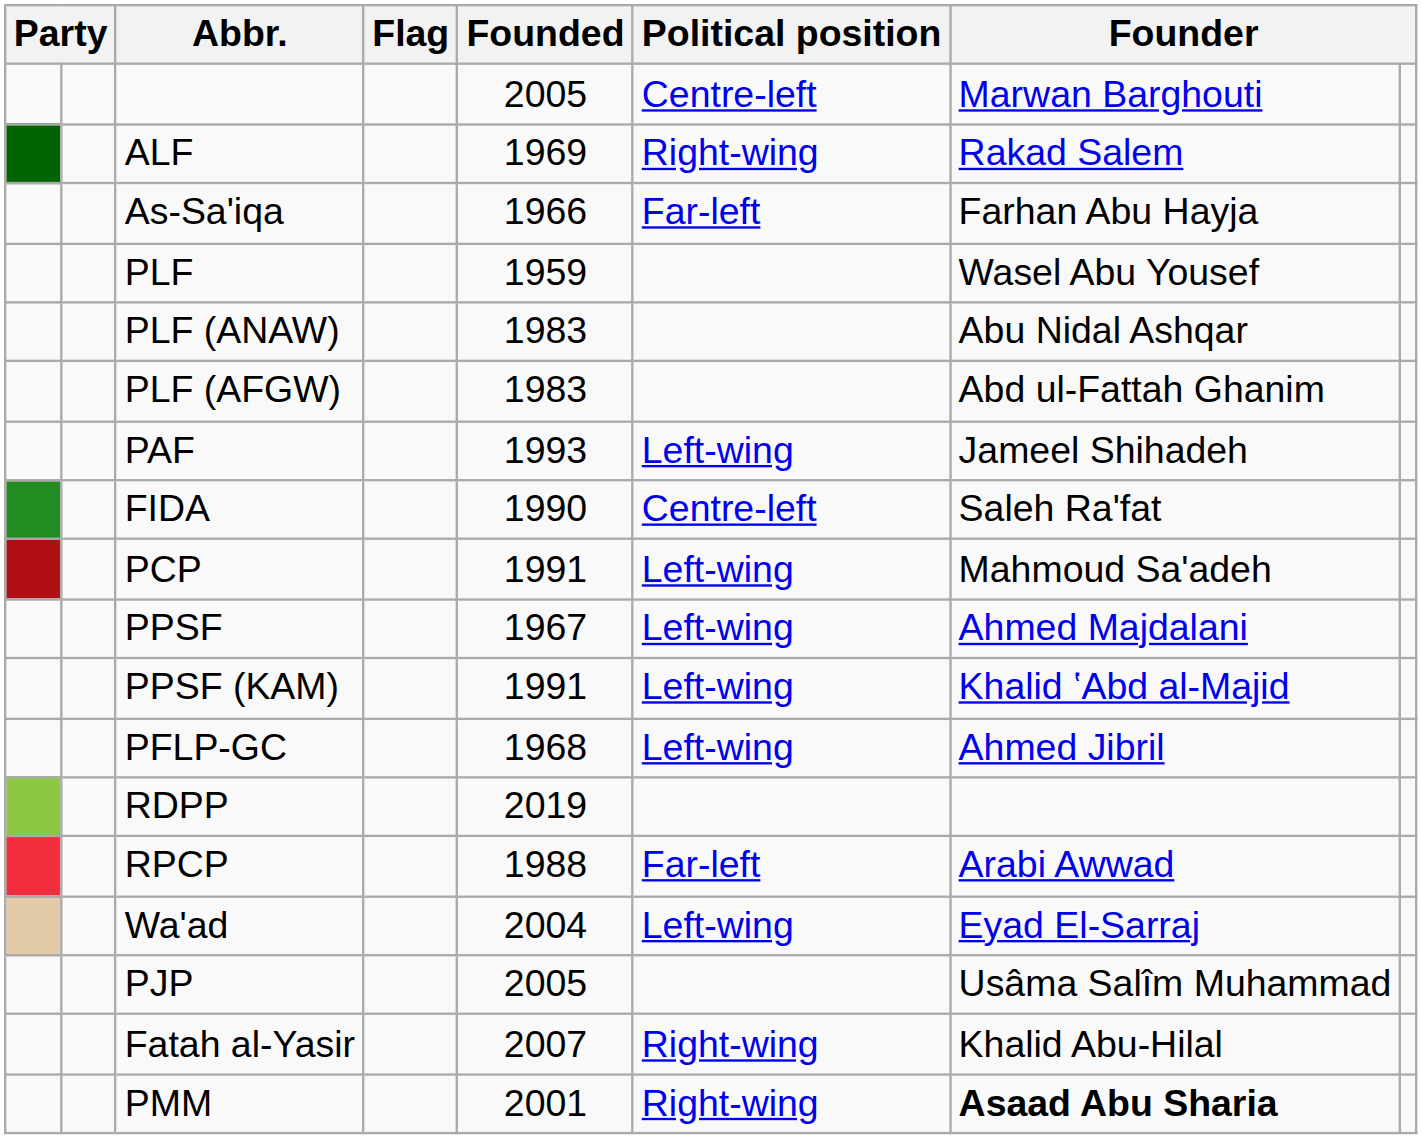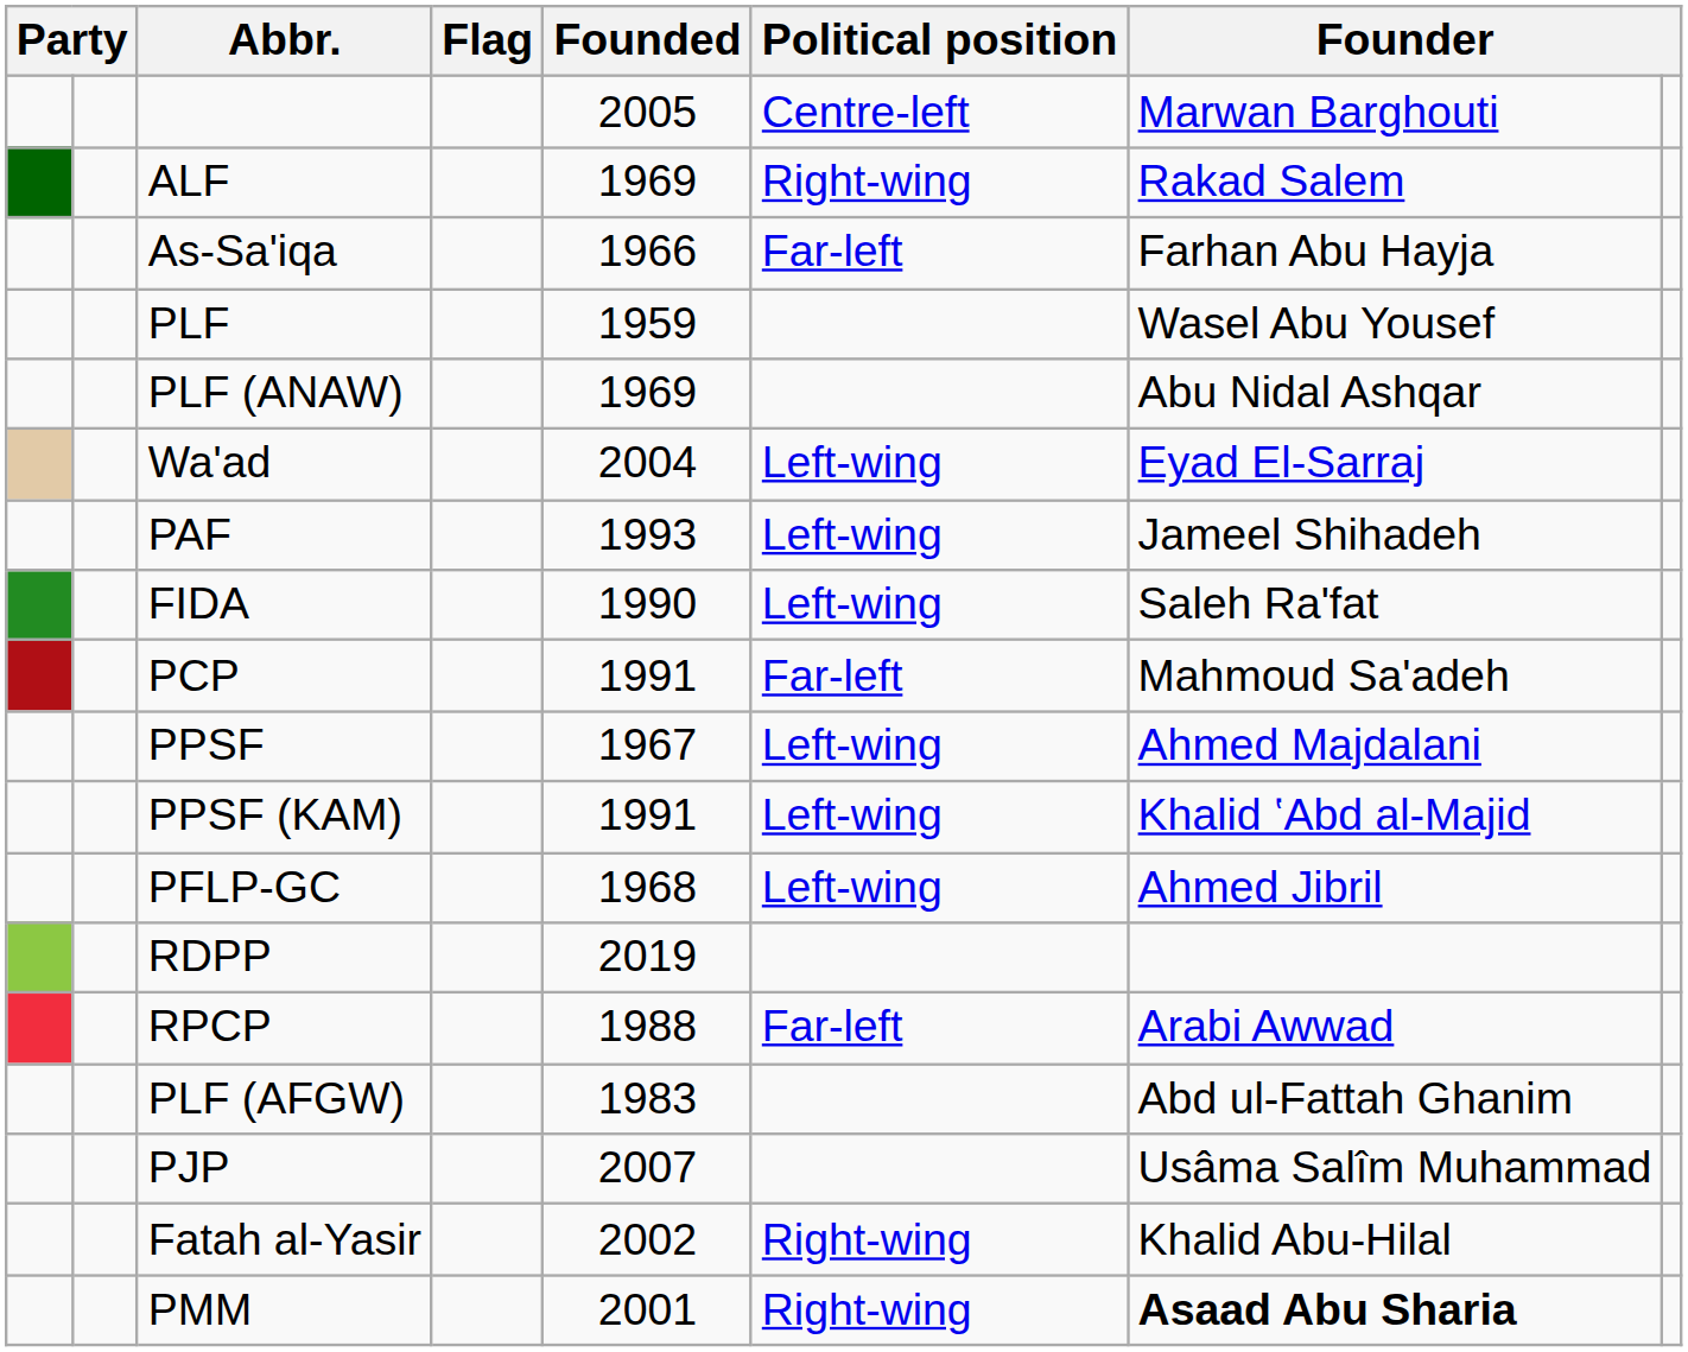 <table class="wikitable sortable">
 <tr>
 <th colspan="2">Party</th>
 <th>Abbr.</th>
 <th>Flag</th>
 <th>Founded</th>
 <th>Political position</th>
 <th colspan="2">Founder</th>
 </tr>
 <tr>
 <td style="background-color:"></td>
 <td></td>
 <td></td>
 <td></td>
 <td align="center">2005</td>
 <td><a href='#'>Centre-left</a></td>
 <td><a href='#'>Marwan Barghouti</a></td>
 <td></td>
 </tr>
 <tr>
 <td style="background-color:#006400"></td>
 <td></td>
 <td>ALF</td>
 <td></td>
 <td align="center">1969</td>
 <td><a href='#'>Right-wing</a></td>
 <td><a href='#'>Rakad Salem</a></td>
 <td></td>
 </tr>
 <tr>
 <td style="background-color:"></td>
 <td></td>
 <td>As-Sa'iqa<br></td>
 <td></td>
 <td align="center">1966</td>
 <td><a href='#'>Far-left</a></td>
 <td>Farhan Abu Hayja</td>
 <td></td>
 </tr>
 <tr>
 <td style="background-color:"></td>
 <td></td>
 <td>PLF</td>
 <td></td>
 <td align="center">1959</td>
 <td></td>
 <td>Wasel Abu Yousef</td>
 <td></td>
 </tr>
 <tr>
 <td style="background-color:"></td>
 <td></td>
 <td>PLF (ANAW)</td>
 <td></td>
-<td align="center">1983</td>
+<td align="center">1969</td>
 <td></td>
 <td>Abu Nidal Ashqar</td>
 <td></td>
 </tr>
 <tr>
-<td style="background-color:"></td>
+<td style="background-color:#e2caa7"></td>
 <td></td>
-<td>PLF (AFGW)</td>
+<td>Wa'ad</td>
 <td></td>
-<td align="center">1983</td>
-<td></td>
-<td>Abd ul-Fattah Ghanim</td>
+<td align="center">2004</td>
+<td><a href='#'>Left-wing</a></td>
+<td><a href='#'>Eyad El-Sarraj</a></td>
 <td></td>
 </tr>
 <tr>
 <td style="background-color:"></td>
 <td></td>
 <td>PAF</td>
 <td></td>
 <td align="center">1993</td>
 <td><a href='#'>Left-wing</a></td>
 <td>Jameel Shihadeh</td>
 <td></td>
 </tr>
 <tr>
 <td style="background-color:#228B22"></td>
 <td></td>
 <td>FIDA</td>
 <td></td>
 <td align="center">1990</td>
-<td><a href='#'>Centre-left</a></td>
+<td><a href='#'>Left-wing</a></td>
 <td>Saleh Ra'fat</td>
 <td></td>
 </tr>
 <tr>
 <td style="background-color:#B00F15"></td>
 <td></td>
 <td>PCP</td>
 <td></td>
 <td align="center">1991</td>
-<td><a href='#'>Left-wing</a></td>
+<td><a href='#'>Far-left</a></td>
 <td>Mahmoud Sa'adeh</td>
 <td></td>
 </tr>
 <tr>
 <td style="background-color:"></td>
 <td></td>
 <td>PPSF</td>
 <td></td>
 <td align="center">1967</td>
 <td><a href='#'>Left-wing</a></td>
 <td><a href='#'>Ahmed Majdalani</a></td>
 <td></td>
 </tr>
 <tr>
 <td style="background-color:"></td>
 <td></td>
 <td>PPSF (KAM)</td>
 <td></td>
 <td align="center">1991</td>
 <td><a href='#'>Left-wing</a></td>
 <td><a href='#'>Khalid ʽAbd al-Majid</a></td>
 <td></td>
 </tr>
 <tr>
 <td style="background-color:"></td>
 <td></td>
 <td>PFLP-GC</td>
 <td></td>
 <td align="center">1968</td>
 <td><a href='#'>Left-wing</a></td>
 <td><a href='#'>Ahmed Jibril</a></td>
 <td></td>
 </tr>
 <tr>
 <td style="background-color:#8CC843"></td>
 <td></td>
 <td>RDPP</td>
 <td></td>
 <td align="center">2019</td>
 <td></td>
 <td></td>
 <td></td>
 </tr>
 <tr>
 <td style="background-color:#F22D3E"></td>
 <td></td>
 <td>RPCP</td>
 <td></td>
 <td align="center">1988</td>
 <td><a href='#'>Far-left</a></td>
 <td><a href='#'>Arabi Awwad</a></td>
 <td></td>
 </tr>
 <tr>
-<td style="background-color:#e2caa7"></td>
+<td style="background-color:"></td>
 <td></td>
-<td>Wa'ad</td>
+<td>PLF (AFGW)</td>
 <td></td>
-<td align="center">2004</td>
-<td><a href='#'>Left-wing</a></td>
-<td><a href='#'>Eyad El-Sarraj</a></td>
+<td align="center">1983</td>
+<td></td>
+<td>Abd ul-Fattah Ghanim</td>
 <td></td>
 </tr>
 <tr>
 <td style="background-color:"></td>
 <td></td>
 <td>PJP</td>
 <td></td>
-<td align="center">2005</td>
+<td align="center">2007</td>
 <td></td>
 <td>Usâma Salîm Muhammad</td>
 <td></td>
 </tr>
 <tr>
 <td style="background-color:"></td>
 <td></td>
 <td>Fatah al-Yasir</td>
 <td></td>
-<td align="center">2007</td>
+<td align="center">2002</td>
 <td><a href='#'>Right-wing</a></td>
 <td>Khalid Abu-Hilal</td>
 <td></td>
 </tr>
 <tr>
 <td style="background-color:"></td>
 <td></td>
 <td>PMM</td>
 <td></td>
 <td align="center">2001</td>
 <td><a href='#'>Right-wing</a></td>
 <td><strong>Asaad Abu Sharia</strong></td>
 <td></td>
 </tr>
 </table>
